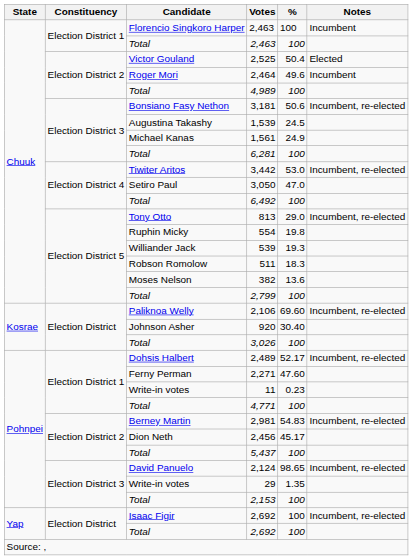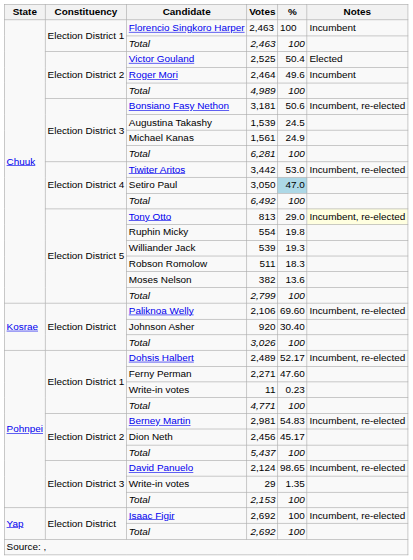 <table class=wikitable>
 <tr>
 <th>State</th>
 <th>Constituency</th>
 <th>Candidate</th>
 <th>Votes</th>
 <th>%</th>
 <th>Notes</th>
 </tr>
 <tr>
 <td rowspan=18><a href='#'>Chuuk</a></td>
 <td rowspan=2>Election District 1</td>
 <td><a href='#'>Florencio Singkoro Harper</a></td>
 <td>2,463</td>
 <td>100</td>
 <td>Incumbent</td>
 </tr>
 <tr>
 <td><em>Total</em></td>
 <td align=right><em>2,463</em></td>
 <td align=right><em>100</em></td>
 <td></td>
 </tr>
 <tr>
 <td rowspan=3>Election District 2</td>
 <td><a href='#'>Victor Gouland</a></td>
 <td align=right>2,525</td>
 <td align=right>50.4</td>
 <td>Elected</td>
 </tr>
 <tr>
 <td><a href='#'>Roger Mori</a></td>
 <td align=right>2,464</td>
 <td align=right>49.6</td>
 <td>Incumbent</td>
 </tr>
 <tr>
 <td><em>Total</em></td>
 <td align=right><em>4,989</em></td>
 <td align=right><em>100</em></td>
 <td></td>
 </tr>
 <tr>
 <td rowspan=4>Election District 3</td>
 <td><a href='#'>Bonsiano Fasy Nethon</a></td>
 <td align=right>3,181</td>
 <td align=right>50.6</td>
 <td>Incumbent, re-elected</td>
 </tr>
 <tr>
 <td>Augustina Takashy</td>
 <td align=right>1,539</td>
 <td align=right>24.5</td>
 <td></td>
 </tr>
 <tr>
 <td>Michael Kanas</td>
 <td align=right>1,561</td>
 <td align=right>24.9</td>
 <td></td>
 </tr>
 <tr>
 <td><em>Total</em></td>
 <td align=right><em>6,281</em></td>
 <td align=right><em>100</em></td>
 <td></td>
 </tr>
 <tr>
 <td rowspan=3>Election District 4</td>
 <td><a href='#'>Tiwiter Aritos</a></td>
 <td align=right>3,442</td>
 <td align=right>53.0</td>
 <td>Incumbent, re-elected</td>
 </tr>
 <tr>
 <td>Setiro Paul</td>
 <td align=right>3,050</td>
-<td align=right>47.0</td>
+<td align=right style="background: lightblue;">47.0</td>
 <td></td>
 </tr>
 <tr>
 <td><em>Total</em></td>
 <td align=right><em>6,492</em></td>
 <td align=right><em>100</em></td>
 <td></td>
 </tr>
 <tr>
 <td rowspan=6>Election District 5</td>
 <td><a href='#'>Tony Otto</a></td>
 <td align=right>813</td>
 <td align=right>29.0</td>
-<td>Incumbent, re-elected</td>
+<td style="background: lightyellow;">Incumbent, re-elected</td>
 </tr>
 <tr>
 <td>Ruphin Micky</td>
 <td align=right>554</td>
 <td align=right>19.8</td>
 <td></td>
 </tr>
 <tr>
 <td>Williander Jack</td>
 <td align=right>539</td>
 <td align=right>19.3</td>
 <td></td>
 </tr>
 <tr>
 <td>Robson Romolow</td>
 <td align=right>511</td>
 <td align=right>18.3</td>
 <td></td>
 </tr>
 <tr>
 <td>Moses Nelson</td>
 <td align=right>382</td>
 <td align=right>13.6</td>
 <td></td>
 </tr>
 <tr>
 <td><em>Total</em></td>
 <td align=right><em>2,799</em></td>
 <td align=right><em>100</em></td>
 <td></td>
 </tr>
 <tr>
 <td rowspan=3><a href='#'>Kosrae</a></td>
 <td rowspan=3>Election District</td>
 <td><a href='#'>Paliknoa Welly</a></td>
 <td align=right>2,106</td>
 <td align=right>69.60</td>
 <td>Incumbent, re-elected</td>
 </tr>
 <tr>
 <td>Johnson Asher</td>
 <td align=right>920</td>
 <td>30.40</td>
 <td></td>
 </tr>
 <tr>
 <td><em>Total</em></td>
 <td align=right><em>3,026</em></td>
 <td align=right><em>100</em></td>
 <td></td>
 </tr>
 <tr>
 <td rowspan=10><a href='#'>Pohnpei</a></td>
 <td rowspan=4>Election District 1</td>
 <td><a href='#'>Dohsis Halbert</a></td>
 <td align=right>2,489</td>
 <td align=right>52.17</td>
 <td>Incumbent, re-elected</td>
 </tr>
 <tr>
 <td>Ferny Perman</td>
 <td align=right>2,271</td>
 <td align=right>47.60</td>
 <td></td>
 </tr>
 <tr>
 <td>Write-in votes</td>
 <td align=right>11</td>
 <td align=right>0.23</td>
 <td></td>
 </tr>
 <tr>
 <td><em>Total</em></td>
 <td align=right><em>4,771</em></td>
 <td align=right><em>100</em></td>
 <td></td>
 </tr>
 <tr>
 <td rowspan=3>Election District 2</td>
 <td><a href='#'>Berney Martin</a></td>
 <td align=right>2,981</td>
 <td align=right>54.83</td>
 <td>Incumbent, re-elected</td>
 </tr>
 <tr>
 <td>Dion Neth</td>
 <td align=right>2,456</td>
 <td align=right>45.17</td>
 <td></td>
 </tr>
 <tr>
 <td><em>Total</em></td>
 <td align=right><em>5,437</em></td>
 <td align=right><em>100</em></td>
 <td></td>
 </tr>
 <tr>
 <td rowspan=3>Election District 3</td>
 <td><a href='#'>David Panuelo</a></td>
 <td align=right>2,124</td>
 <td align=right>98.65</td>
 <td>Incumbent, re-elected</td>
 </tr>
 <tr>
 <td>Write-in votes</td>
 <td align=right>29</td>
 <td align=right>1.35</td>
 <td></td>
 </tr>
 <tr>
 <td><em>Total</em></td>
 <td align=right><em>2,153</em></td>
 <td align=right><em>100</em></td>
 <td></td>
 </tr>
 <tr>
 <td rowspan=2><a href='#'>Yap</a></td>
 <td rowspan=2>Election District</td>
 <td><a href='#'>Isaac Figir</a></td>
 <td align=right>2,692</td>
 <td align=right>100</td>
 <td>Incumbent, re-elected</td>
 </tr>
 <tr>
 <td><em>Total</em></td>
 <td align=right><em>2,692</em></td>
 <td align=right><em>100</em></td>
 <td></td>
 </tr>
 <tr>
 <td colspan=6>Source: , </td>
 </tr>
 </table>
